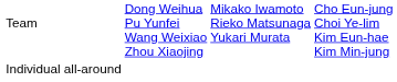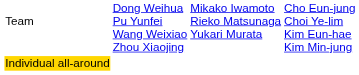 <table>
 <tr>
 <td>Team</td>
 <td><br><a href='#'>Dong Weihua</a><br><a href='#'>Pu Yunfei</a><br><a href='#'>Wang Weixiao</a><br><a href='#'>Zhou Xiaojing</a></td>
 <td valign=top><br><a href='#'>Mikako Iwamoto</a><br><a href='#'>Rieko Matsunaga</a><br><a href='#'>Yukari Murata</a></td>
 <td><br><a href='#'>Cho Eun-jung</a><br><a href='#'>Choi Ye-lim</a><br><a href='#'>Kim Eun-hae</a><br><a href='#'>Kim Min-jung</a></td>
 </tr>
 <tr>
-<td>Individual all-around</td>
+<td style="background: gold;">Individual all-around</td>
 <td></td>
 <td></td>
 <td></td>
 </tr>
 </table>
